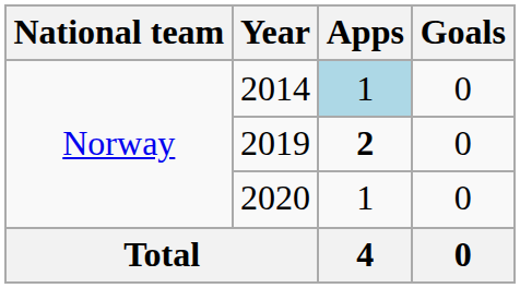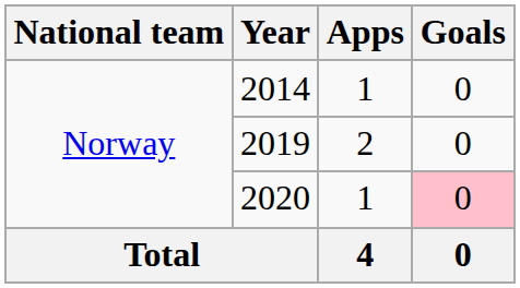 <table class="wikitable" style="text-align: center;">
 <tr>
 <th>National team</th>
 <th>Year</th>
 <th>Apps</th>
 <th>Goals</th>
 </tr>
 <tr>
 <td rowspan="3"><a href='#'>Norway</a></td>
 <td>2014</td>
-<td style="background: lightblue;">1</td>
+<td>1</td>
 <td>0</td>
 </tr>
 <tr>
 <td>2019</td>
-<td><strong>2</strong></td>
+<td>2</td>
 <td>0</td>
 </tr>
 <tr>
 <td>2020</td>
 <td>1</td>
-<td>0</td>
+<td style="background: pink;">0</td>
 </tr>
 <tr>
 <th colspan="2">Total</th>
 <th>4</th>
 <th>0</th>
 </tr>
 </table>
